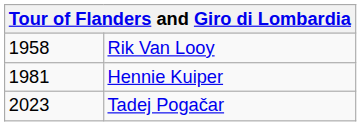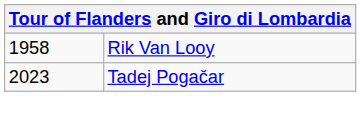 <table class="wikitable">
 <tr>
 <th colspan=2><a href='#'>Tour of Flanders</a> and <a href='#'>Giro di Lombardia</a></th>
 </tr>
 <tr>
 <td>1958</td>
 <td> <a href='#'>Rik Van Looy</a></td>
 </tr>
 <tr>
-<td>1981</td>
-<td> <a href='#'>Hennie Kuiper</a></td>
-</tr>
-<tr>
 <td>2023</td>
 <td> <a href='#'>Tadej Pogačar</a></td>
 </tr>
 </table>
